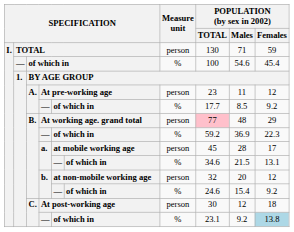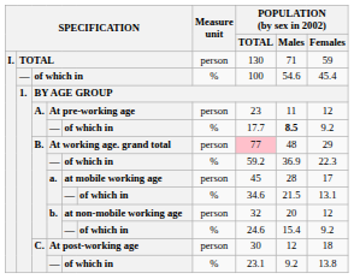 <table class="wikitable" style="font-size:85%; text-align:center">
 <tr>
 <th rowspan="2" colspan="6">SPECIFICATION</th>
 <th rowspan="2">Measure<br> unit</th>
 <th colspan="3" rowspan="1">POPULATION<br> (by sex in 2002)</th>
 </tr>
 <tr>
 <th>TOTAL</th>
 <th>Males</th>
 <th>Females</th>
 </tr>
 <tr>
 <th style="text-align:left" valign="top" rowspan="13">I.</th>
 <th style="text-align:left" colspan="5">TOTAL</th>
 <td>person</td>
 <td>130</td>
 <td>71</td>
 <td>59</td>
 </tr>
 <tr>
 <th style="text-align:left" valign="top">—</th>
 <th style="text-align:left" colspan="4">of which in</th>
 <td>%</td>
 <td>100</td>
 <td>54.6</td>
 <td>45.4</td>
 </tr>
 <tr>
 <th style="text-align:left" valign="top" rowspan="11">1.</th>
 <th style="text-align:left" colspan="19">BY AGE GROUP</th>
 </tr>
 <tr>
 <th style="text-align:left" valign="top" rowspan="2">A.</th>
 <th style="text-align:left" colspan="3">At pre-working age</th>
 <td>person</td>
 <td>23</td>
 <td>11</td>
 <td>12</td>
 </tr>
 <tr>
 <th style="text-align:left" valign="top">—</th>
 <th style="text-align:left" valign="top" colspan="2">of which in</th>
 <td>%</td>
 <td>17.7</td>
-<td>8.5</td>
+<td><strong>8.5</strong></td>
 <td>9.2</td>
 </tr>
 <tr>
 <th style="text-align:left" valign="top" rowspan="6">B.</th>
 <th style="text-align:left" colspan="3">At working age. grand total</th>
 <td>person</td>
 <td style="background: pink;">77</td>
 <td>48</td>
 <td>29</td>
 </tr>
 <tr>
 <th style="text-align:left" valign="top">—</th>
 <th style="text-align:left" valign="top" colspan="2">of which in</th>
 <td>%</td>
 <td>59.2</td>
 <td>36.9</td>
 <td>22.3</td>
 </tr>
 <tr>
 <th style="text-align:left" valign="top" rowspan="2">a.</th>
 <th style="text-align:left" colspan="2">at mobile working age</th>
 <td>person</td>
 <td>45</td>
 <td>28</td>
 <td>17</td>
 </tr>
 <tr>
 <th style="text-align:left" valign="top">—</th>
 <th style="text-align:left" valign="top" colspan="1">of which in                        </th>
 <td>%</td>
 <td>34.6</td>
 <td>21.5</td>
 <td>13.1</td>
 </tr>
 <tr>
 <th style="text-align:left" valign="top" rowspan="2">b.</th>
 <th style="text-align:left" colspan="2">at non-mobile working age</th>
 <td>person</td>
 <td>32</td>
 <td>20</td>
 <td>12</td>
 </tr>
 <tr>
 <th style="text-align:left" valign="top">—</th>
 <th style="text-align:left" valign="top" colspan="1">of which in                        </th>
 <td>%</td>
 <td>24.6</td>
 <td>15.4</td>
 <td>9.2</td>
 </tr>
 <tr>
 <th style="text-align:left" valign="top" rowspan="2">C.</th>
 <th style="text-align:left" colspan="3">At post-working age</th>
 <td>person</td>
 <td>30</td>
 <td>12</td>
 <td>18</td>
 </tr>
 <tr>
 <th style="text-align:left" valign="top">—</th>
 <th style="text-align:left" valign="top" colspan="2">of which in</th>
 <td>%</td>
 <td>23.1</td>
 <td>9.2</td>
-<td style="background: lightblue;">13.8</td>
+<td>13.8</td>
 </tr>
 </table>
